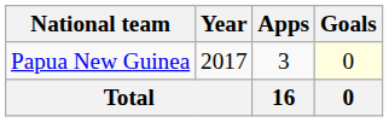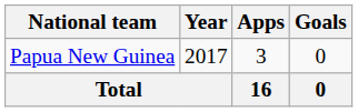 <table class="wikitable" style="text-align:center">
 <tr>
 <th>National team</th>
 <th>Year</th>
 <th>Apps</th>
 <th>Goals</th>
 </tr>
 <tr>
 <td><a href='#'>Papua New Guinea</a></td>
 <td>2017</td>
 <td>3</td>
-<td style="background: lightyellow;">0</td>
+<td>0</td>
 </tr>
 <tr>
 <th colspan="2">Total</th>
 <th>16</th>
 <th>0</th>
 </tr>
 </table>
